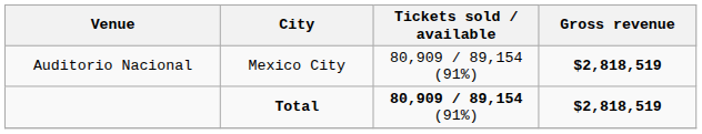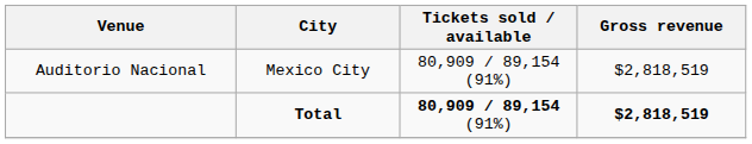 <table class="wikitable">
 <tr bgcolor="#CCCCCC">
 <th width="200" rowspan="1">Venue</th>
 <th width="140" rowspan="1">City</th>
 <th width="150" rowspan="1">Tickets sold / available</th>
 <th width="140" rowspan="1">Gross revenue</th>
 </tr>
 <tr>
 <td align="center">Auditorio Nacional</td>
 <td align="center">Mexico City</td>
 <td align="center">80,909 / 89,154 (91%)</td>
-<td align="center"><strong>$2,818,519</strong></td>
+<td align="center">$2,818,519</td>
 </tr>
 <tr>
 <td align="center"></td>
 <td align="center"><strong>Total</strong></td>
 <td align="center"><strong>80,909 / 89,154</strong> (91%)</td>
 <td align="center"><strong>$2,818,519</strong></td>
 </tr>
 <tr>
 </tr>
 </table>
